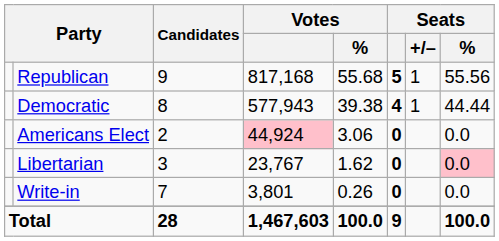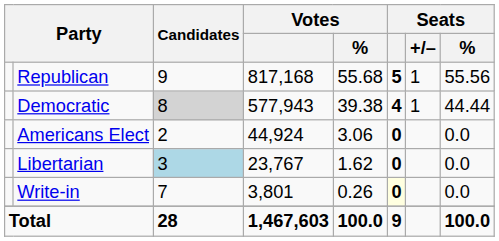 <table class="wikitable" style="font-size: 95%;">
 <tr>
 <th colspan="2" rowspan="2">Party</th>
 <th rowspan="2"><small>Candi</small><small>dates</small></th>
 <th colspan="2">Votes</th>
 <th colspan="3">Seats</th>
 </tr>
 <tr>
 <th></th>
 <th>%</th>
 <th></th>
 <th>+/–</th>
 <th>%</th>
 </tr>
 <tr>
 <td style="background:"></td>
 <td align="left"><a href='#'>Republican</a></td>
 <td>9</td>
 <td>817,168</td>
 <td>55.68</td>
 <td><strong>5</strong></td>
 <td> 1</td>
 <td>55.56</td>
 </tr>
 <tr>
 <td style="background:"></td>
 <td align="left"><a href='#'>Democratic</a></td>
-<td>8</td>
+<td style="background: lightgrey;">8</td>
 <td>577,943</td>
 <td>39.38</td>
 <td><strong>4</strong></td>
 <td> 1</td>
 <td>44.44</td>
 </tr>
 <tr>
 <td style="background:"></td>
 <td align="left"><a href='#'>Americans Elect</a></td>
 <td>2</td>
-<td style="background: pink;">44,924</td>
+<td>44,924</td>
 <td>3.06</td>
 <td><strong>0</strong></td>
 <td></td>
 <td>0.0</td>
 </tr>
 <tr>
 <td style="background:"></td>
 <td align="left"><a href='#'>Libertarian</a></td>
-<td>3</td>
+<td style="background: lightblue;">3</td>
 <td>23,767</td>
 <td>1.62</td>
 <td><strong>0</strong></td>
 <td></td>
-<td style="background: pink;">0.0</td>
+<td>0.0</td>
 </tr>
 <tr>
 <td style="background:"></td>
 <td align="left"><a href='#'>Write-in</a></td>
 <td>7</td>
 <td>3,801</td>
 <td>0.26</td>
-<td><strong>0</strong></td>
+<td style="background: lightyellow;"><strong>0</strong></td>
 <td></td>
 <td>0.0</td>
 </tr>
 <tr>
 </tr>
 <tr style="font-weight:bold">
 <td colspan="2" align="left">Total</td>
 <td>28</td>
 <td>1,467,603</td>
 <td>100.0</td>
 <td>9</td>
 <td></td>
 <td>100.0</td>
 </tr>
 </table>
